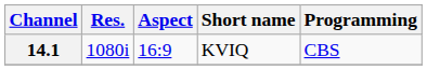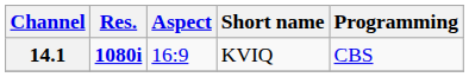 <table class="wikitable">
 <tr>
 <th scope = "col"><a href='#'>Channel</a></th>
 <th scope = "col"><a href='#'>Res.</a></th>
 <th scope = "col"><a href='#'>Aspect</a></th>
 <th scope = "col">Short name</th>
 <th scope = "col">Programming</th>
 </tr>
 <tr>
 <th scope = "row">14.1</th>
-<td><a href='#'>1080i</a></td>
+<td><strong><a href='#'>1080i</a></strong></td>
 <td><a href='#'>16:9</a></td>
 <td>KVIQ</td>
 <td><a href='#'>CBS</a></td>
 </tr>
 <tr>
 </tr>
 </table>
